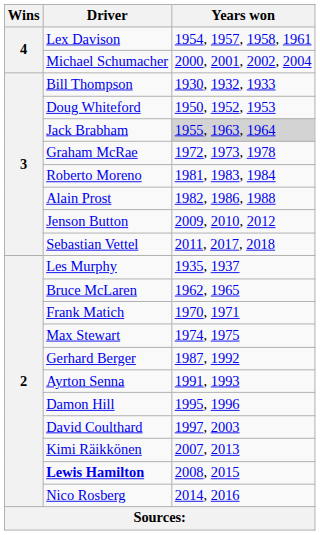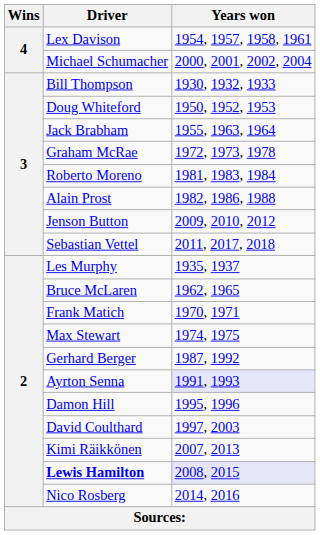 <table class="wikitable">
 <tr>
 <th>Wins</th>
 <th>Driver</th>
 <th>Years won</th>
 </tr>
 <tr>
 <th rowspan=2>4</th>
 <td> <a href='#'>Lex Davison</a></td>
 <td><span><a href='#'>1954</a>, <a href='#'>1957</a>, <a href='#'>1958</a>, <a href='#'>1961</a></span></td>
 </tr>
 <tr>
 <td> <a href='#'>Michael Schumacher</a></td>
 <td><a href='#'>2000</a>, <a href='#'>2001</a>, <a href='#'>2002</a>, <a href='#'>2004</a></td>
 </tr>
 <tr>
 <th rowspan="8">3</th>
 <td> <a href='#'>Bill Thompson</a></td>
 <td><span><a href='#'>1930</a>, <a href='#'>1932</a>, <a href='#'>1933</a></span></td>
 </tr>
 <tr>
 <td> <a href='#'>Doug Whiteford</a></td>
 <td><span><a href='#'>1950</a>, <a href='#'>1952</a>, <a href='#'>1953</a></span></td>
 </tr>
 <tr>
 <td> <a href='#'>Jack Brabham</a></td>
-<td style="background: lightgrey;"><span><a href='#'>1955</a>, <a href='#'>1963</a>, <a href='#'>1964</a></span></td>
+<td><span><a href='#'>1955</a>, <a href='#'>1963</a>, <a href='#'>1964</a></span></td>
 </tr>
 <tr>
 <td> <a href='#'>Graham McRae</a></td>
 <td><span><a href='#'>1972</a>, <a href='#'>1973</a>, <a href='#'>1978</a></span></td>
 </tr>
 <tr>
 <td> <a href='#'>Roberto Moreno</a></td>
 <td><span><a href='#'>1981</a>, <a href='#'>1983</a>, <a href='#'>1984</a></span></td>
 </tr>
 <tr>
 <td> <a href='#'>Alain Prost</a></td>
 <td><span><a href='#'>1982</a>,</span> <a href='#'>1986</a>, <a href='#'>1988</a></td>
 </tr>
 <tr>
 <td> <a href='#'>Jenson Button</a></td>
 <td><a href='#'>2009</a>, <a href='#'>2010</a>, <a href='#'>2012</a></td>
 </tr>
 <tr>
 <td> <a href='#'>Sebastian Vettel</a></td>
 <td><a href='#'>2011</a>, <a href='#'>2017</a>, <a href='#'>2018</a></td>
 </tr>
 <tr>
 <th rowspan="11">2</th>
 <td> <a href='#'>Les Murphy</a></td>
 <td><span><a href='#'>1935</a>, <a href='#'>1937</a></span></td>
 </tr>
 <tr>
 <td> <a href='#'>Bruce McLaren</a></td>
 <td><span><a href='#'>1962</a>, <a href='#'>1965</a></span></td>
 </tr>
 <tr>
 <td> <a href='#'>Frank Matich</a></td>
 <td><span><a href='#'>1970</a>, <a href='#'>1971</a></span></td>
 </tr>
 <tr>
 <td> <a href='#'>Max Stewart</a></td>
 <td><span><a href='#'>1974</a>, <a href='#'>1975</a></span></td>
 </tr>
 <tr>
 <td> <a href='#'>Gerhard Berger</a></td>
 <td><a href='#'>1987</a>, <a href='#'>1992</a></td>
 </tr>
 <tr>
 <td> <a href='#'>Ayrton Senna</a></td>
-<td><a href='#'>1991</a>, <a href='#'>1993</a></td>
+<td style="background: lavender;"><a href='#'>1991</a>, <a href='#'>1993</a></td>
 </tr>
 <tr>
 <td> <a href='#'>Damon Hill</a></td>
 <td><a href='#'>1995</a>, <a href='#'>1996</a></td>
 </tr>
 <tr>
 <td> <a href='#'>David Coulthard</a></td>
 <td><a href='#'>1997</a>, <a href='#'>2003</a></td>
 </tr>
 <tr>
 <td> <a href='#'>Kimi Räikkönen</a></td>
 <td><a href='#'>2007</a>, <a href='#'>2013</a></td>
 </tr>
 <tr>
 <td> <strong><a href='#'>Lewis Hamilton</a></strong></td>
-<td><a href='#'>2008</a>, <a href='#'>2015</a></td>
+<td style="background: lavender;"><a href='#'>2008</a>, <a href='#'>2015</a></td>
 </tr>
 <tr>
 <td> <a href='#'>Nico Rosberg</a></td>
 <td><a href='#'>2014</a>, <a href='#'>2016</a></td>
 </tr>
 <tr>
 <th colspan=3>Sources:</th>
 </tr>
 </table>
